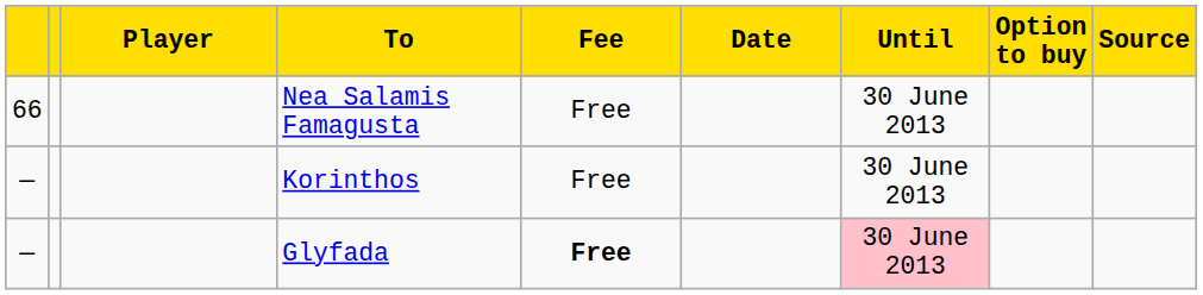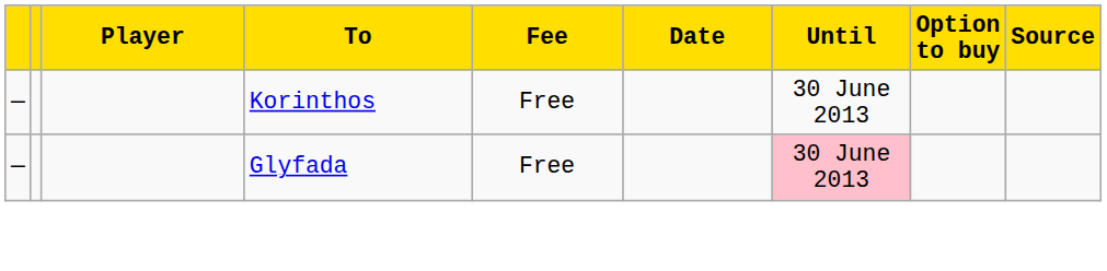 <table class="wikitable sortable">
 <tr>
 <th style="background:#FFDE00"></th>
 <th style="background:#FFDE00"></th>
 <th width=200 style="background:#FFDE00">Player</th>
 <th width=200 style="background:#FFDE00">To</th>
 <th width=150 style="background:#FFDE00">Fee</th>
 <th width=150 style="background:#FFDE00">Date</th>
 <th width=120 style="background:#FFDE00">Until</th>
 <th style="background:#FFDE00">Option to buy</th>
 <th style="background:#FFDE00">Source</th>
-</tr>
-<tr>
-<td align=center>66</td>
-<td align=center></td>
-<td></td>
-<td> <a href='#'>Nea Salamis Famagusta</a></td>
-<td align=center>Free</td>
-<td align=center></td>
-<td align=center>30 June 2013</td>
-<td align=center></td>
-<td align=center></td>
 </tr>
 <tr>
 <td align=center>—</td>
 <td align=center></td>
 <td></td>
 <td> <a href='#'>Korinthos</a></td>
 <td align=center>Free</td>
 <td align=center></td>
 <td align=center>30 June 2013</td>
 <td align=center></td>
 <td align=center></td>
 </tr>
 <tr>
 <td align=center>—</td>
 <td align=center></td>
 <td></td>
 <td> <a href='#'>Glyfada</a></td>
-<td align=center><strong>Free</strong></td>
+<td align=center>Free</td>
 <td align=center></td>
 <td align=center style="background: pink;">30 June 2013</td>
 <td align=center></td>
 <td align=center></td>
 </tr>
 </table>
